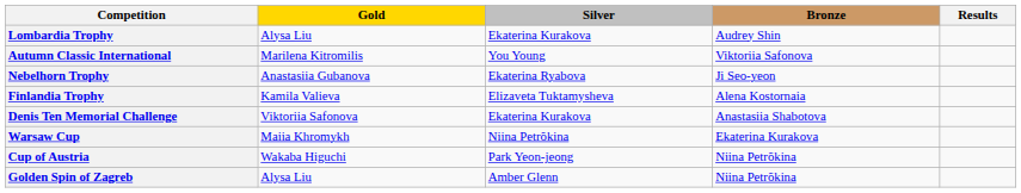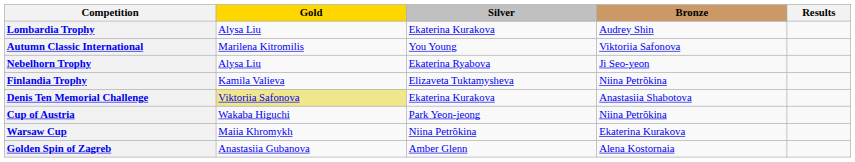 <table class="wikitable unsortable" style="text-align:left; width:100%">
 <tr>
 <th scope="col" style="text-align:center; width:25%;">Competition</th>
 <td scope="col" style="text-align:center; width:22.5%; background:gold"><strong>Gold</strong></td>
 <td scope="col" style="text-align:center; width:22.5%; background:silver"><strong>Silver</strong></td>
 <td scope="col" style="text-align:center; width:22.5%; background:#c96"><strong>Bronze</strong></td>
 <th scope="col" style="text-align:center; width:7.5%;">Results</th>
 </tr>
 <tr>
 <th scope="row" style="text-align:left"> <a href='#'>Lombardia Trophy</a></th>
 <td> <a href='#'>Alysa Liu</a></td>
 <td> <a href='#'>Ekaterina Kurakova</a></td>
 <td> <a href='#'>Audrey Shin</a></td>
 <td></td>
 </tr>
 <tr>
 <th scope="row" style="text-align:left"> <a href='#'>Autumn Classic International</a></th>
 <td> <a href='#'>Marilena Kitromilis</a></td>
 <td> <a href='#'>You Young</a></td>
 <td> <a href='#'>Viktoriia Safonova</a></td>
 <td></td>
 </tr>
 <tr>
 <th scope="row" style="text-align:left"> <a href='#'>Nebelhorn Trophy</a></th>
-<td> <a href='#'>Anastasiia Gubanova</a></td>
+<td> <a href='#'>Alysa Liu</a></td>
 <td> <a href='#'>Ekaterina Ryabova</a></td>
 <td> <a href='#'>Ji Seo-yeon</a></td>
 <td></td>
 </tr>
 <tr>
 <th scope="row" style="text-align:left"> <a href='#'>Finlandia Trophy</a></th>
 <td> <a href='#'>Kamila Valieva</a></td>
 <td> <a href='#'>Elizaveta Tuktamysheva</a></td>
-<td> <a href='#'>Alena Kostornaia</a></td>
+<td> <a href='#'>Niina Petrõkina</a></td>
 <td></td>
 </tr>
 <tr>
 <th scope="row" style="text-align:left"> <a href='#'>Denis Ten Memorial Challenge</a></th>
-<td> <a href='#'>Viktoriia Safonova</a></td>
+<td style="background: khaki;"> <a href='#'>Viktoriia Safonova</a></td>
 <td> <a href='#'>Ekaterina Kurakova</a></td>
 <td> <a href='#'>Anastasiia Shabotova</a></td>
+<td></td>
+</tr>
+<tr>
+<th scope="row" style="text-align:left"> <a href='#'>Cup of Austria</a></th>
+<td> <a href='#'>Wakaba Higuchi</a></td>
+<td> <a href='#'>Park Yeon-jeong</a></td>
+<td> <a href='#'>Niina Petrõkina</a></td>
 <td></td>
 </tr>
 <tr>
 <th scope="row" style="text-align:left"> <a href='#'>Warsaw Cup</a></th>
 <td> <a href='#'>Maiia Khromykh</a></td>
 <td> <a href='#'>Niina Petrõkina</a></td>
 <td> <a href='#'>Ekaterina Kurakova</a></td>
 <td></td>
 </tr>
 <tr>
-<th scope="row" style="text-align:left"> <a href='#'>Cup of Austria</a></th>
-<td> <a href='#'>Wakaba Higuchi</a></td>
-<td> <a href='#'>Park Yeon-jeong</a></td>
-<td> <a href='#'>Niina Petrõkina</a></td>
-<td></td>
-</tr>
-<tr>
 <th scope="row" style="text-align:left"> <a href='#'>Golden Spin of Zagreb</a></th>
-<td> <a href='#'>Alysa Liu</a></td>
+<td> <a href='#'>Anastasiia Gubanova</a></td>
 <td> <a href='#'>Amber Glenn</a></td>
-<td> <a href='#'>Niina Petrõkina</a></td>
+<td> <a href='#'>Alena Kostornaia</a></td>
 <td></td>
 </tr>
 </table>
